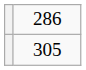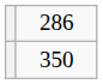 <table class="wikitable">
 <tr>
 <th></th>
 <td style="padding-left: 1em; padding-right: 1em">286</td>
 </tr>
 <tr>
 <th></th>
-<td style="padding-left: 1em; padding-right: 1em">305</td>
+<td style="padding-left: 1em; padding-right: 1em">350</td>
 </tr>
 </table>
